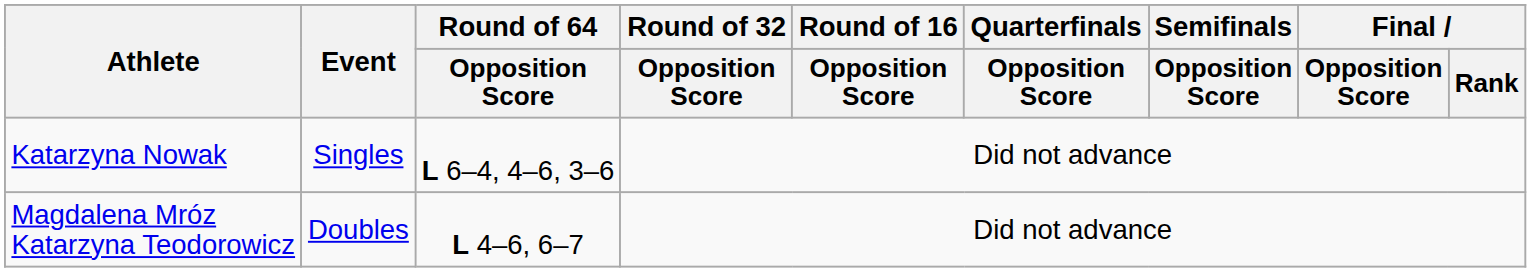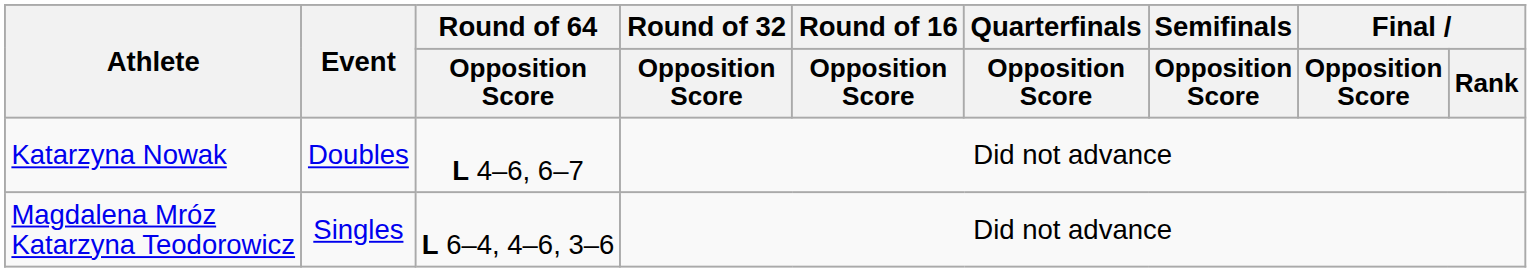 <table class=wikitable style="font-size:90%">
 <tr>
 <th rowspan=2>Athlete</th>
 <th rowspan=2>Event</th>
 <th>Round of 64</th>
 <th>Round of 32</th>
 <th>Round of 16</th>
 <th>Quarterfinals</th>
 <th>Semifinals</th>
 <th colspan=2>Final / </th>
 </tr>
 <tr style="font-size:95%">
 <th>Opposition<br>Score</th>
 <th>Opposition<br>Score</th>
 <th>Opposition<br>Score</th>
 <th>Opposition<br>Score</th>
 <th>Opposition<br>Score</th>
 <th>Opposition<br>Score</th>
 <th>Rank</th>
 </tr>
 <tr align=center>
 <td align=left><a href='#'>Katarzyna Nowak</a></td>
+<td><a href='#'>Doubles</a></td>
+<td><br><strong>L</strong> 4–6, 6–7</td>
+<td colspan=6>Did not advance</td>
+</tr>
+<tr align=center>
+<td align=left><a href='#'>Magdalena Mróz</a><br><a href='#'>Katarzyna Teodorowicz</a></td>
 <td><a href='#'>Singles</a></td>
 <td><br><strong>L</strong> 6–4, 4–6, 3–6</td>
 <td colspan=6>Did not advance</td>
 </tr>
-<tr align=center>
-<td align=left><a href='#'>Magdalena Mróz</a><br><a href='#'>Katarzyna Teodorowicz</a></td>
-<td><a href='#'>Doubles</a></td>
-<td><br><strong>L</strong> 4–6, 6–7</td>
-<td colspan=6>Did not advance</td>
-</tr>
 </table>
